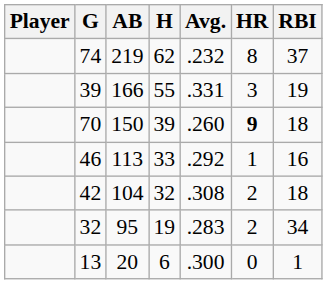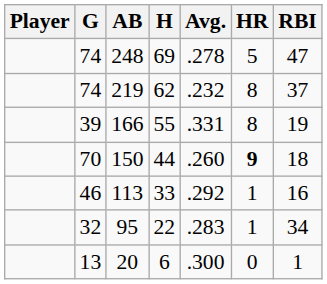 <table class="wikitable sortable" style="text-align:center;">
 <tr>
 <th>Player</th>
 <th>G</th>
 <th>AB</th>
 <th>H</th>
 <th>Avg.</th>
 <th>HR</th>
 <th>RBI</th>
+</tr>
+<tr>
+<td></td>
+<td>74</td>
+<td>248</td>
+<td>69</td>
+<td>.278</td>
+<td>5</td>
+<td>47</td>
 </tr>
 <tr>
 <td></td>
 <td>74</td>
 <td>219</td>
 <td>62</td>
 <td>.232</td>
 <td>8</td>
 <td>37</td>
 </tr>
 <tr>
 <td></td>
 <td>39</td>
 <td>166</td>
 <td>55</td>
 <td>.331</td>
-<td>3</td>
+<td>8</td>
 <td>19</td>
 </tr>
 <tr>
 <td></td>
 <td>70</td>
 <td>150</td>
-<td>39</td>
+<td>44</td>
 <td>.260</td>
 <td><strong>9</strong></td>
 <td>18</td>
 </tr>
 <tr>
 <td></td>
 <td>46</td>
 <td>113</td>
 <td>33</td>
 <td>.292</td>
 <td>1</td>
 <td>16</td>
 </tr>
 <tr>
 <td></td>
-<td>42</td>
-<td>104</td>
-<td>32</td>
-<td>.308</td>
-<td>2</td>
-<td>18</td>
-</tr>
-<tr>
-<td></td>
 <td>32</td>
 <td>95</td>
-<td>19</td>
+<td>22</td>
 <td>.283</td>
-<td>2</td>
+<td>1</td>
 <td>34</td>
 </tr>
 <tr>
 <td></td>
 <td>13</td>
 <td>20</td>
 <td>6</td>
 <td>.300</td>
 <td>0</td>
 <td>1</td>
 </tr>
 </table>
